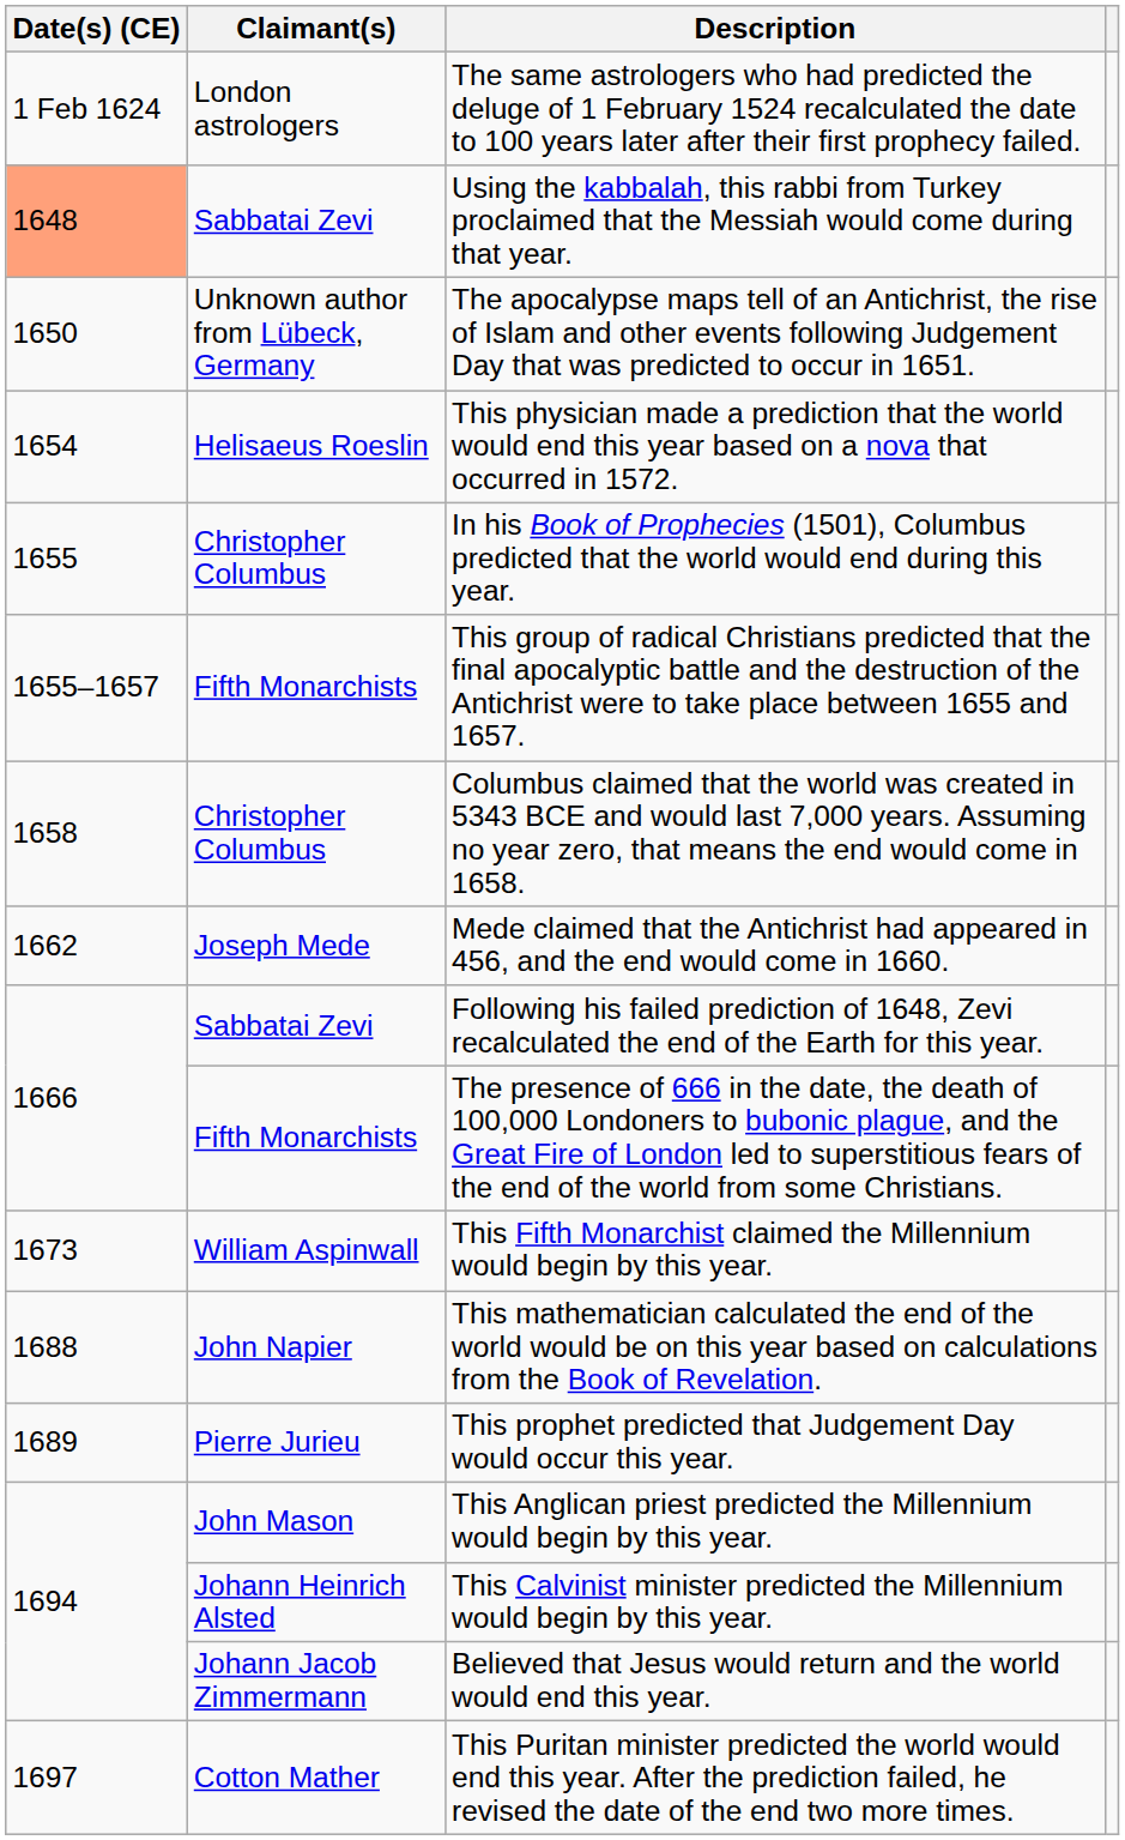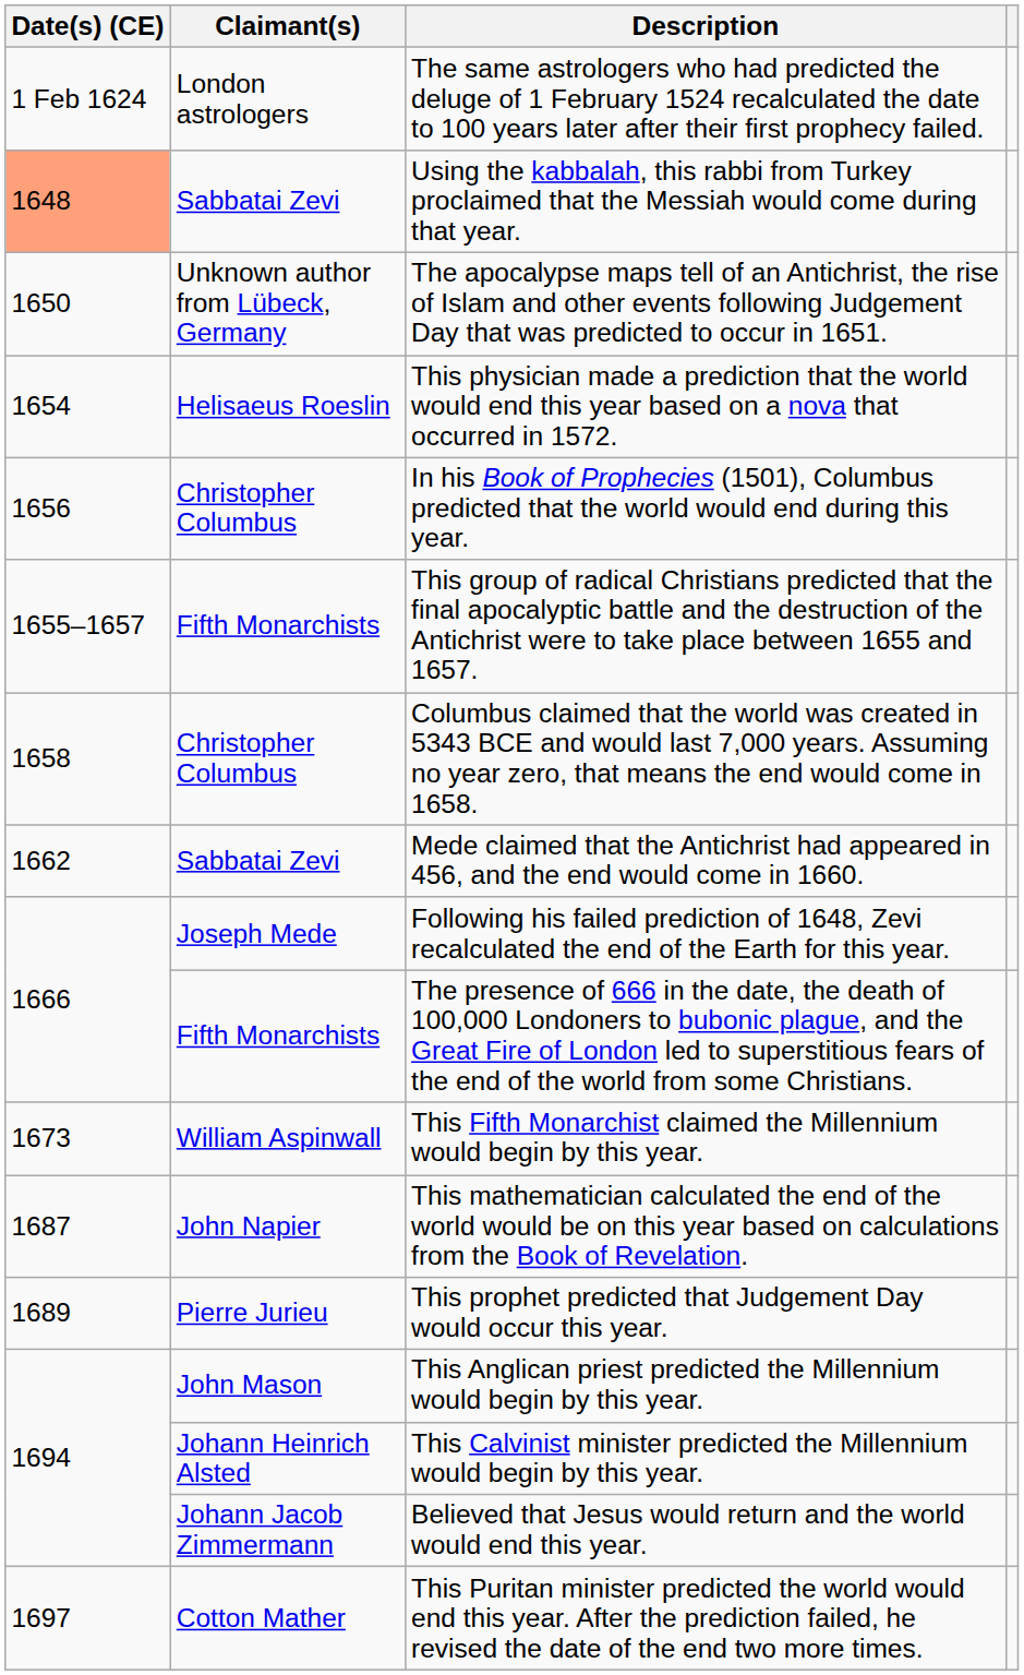 <table class="wikitable">
 <tr>
 <th>Date(s) (CE)</th>
 <th>Claimant(s)</th>
 <th>Description</th>
 <th></th>
 </tr>
 <tr>
 <td>1 Feb 1624</td>
 <td>London astrologers</td>
 <td>The same astrologers who had predicted the deluge of 1 February 1524 recalculated the date to 100 years later after their first prophecy failed.</td>
 <td align=center><br></td>
 </tr>
 <tr>
 <td style="background: lightsalmon;">1648</td>
 <td><a href='#'>Sabbatai Zevi</a></td>
 <td>Using the <a href='#'>kabbalah</a>, this rabbi from Turkey proclaimed that the Messiah would come during that year.</td>
 <td align=center></td>
 </tr>
 <tr>
 <td>1650</td>
 <td>Unknown author from <a href='#'>Lübeck</a>, <a href='#'>Germany</a></td>
 <td>The apocalypse maps tell of an Antichrist, the rise of Islam and other events following Judgement Day that was predicted to occur in 1651.</td>
 <td align=center><br></td>
 </tr>
 <tr>
 <td>1654</td>
 <td><a href='#'>Helisaeus Roeslin</a></td>
 <td>This physician made a prediction that the world would end this year based on a <a href='#'>nova</a> that occurred in 1572.</td>
 <td align=center></td>
 </tr>
 <tr>
-<td>1655</td>
+<td>1656</td>
 <td><a href='#'>Christopher Columbus</a></td>
 <td>In his <em><a href='#'>Book of Prophecies</a></em> (1501), Columbus predicted that the world would end during this year.</td>
 <td align=center><br></td>
 </tr>
 <tr>
 <td>1655–1657</td>
 <td><a href='#'>Fifth Monarchists</a></td>
 <td>This group of radical Christians predicted that the final apocalyptic battle and the destruction of the Antichrist were to take place between 1655 and 1657.</td>
 <td align=center></td>
 </tr>
 <tr>
 <td>1658</td>
 <td><a href='#'>Christopher Columbus</a></td>
 <td>Columbus claimed that the world was created in 5343 BCE and would last 7,000 years. Assuming no year zero, that means the end would come in 1658.</td>
 <td align=center></td>
 </tr>
 <tr>
 <td>1662</td>
-<td><a href='#'>Joseph Mede</a></td>
+<td><a href='#'>Sabbatai Zevi</a></td>
 <td>Mede claimed that the Antichrist had appeared in 456, and the end would come in 1660.</td>
 <td align=center></td>
 </tr>
 <tr>
 <td rowspan="2">1666</td>
-<td><a href='#'>Sabbatai Zevi</a></td>
+<td><a href='#'>Joseph Mede</a></td>
 <td>Following his failed prediction of 1648, Zevi recalculated the end of the Earth for this year.</td>
 <td align=center></td>
 </tr>
 <tr>
 <td><a href='#'>Fifth Monarchists</a></td>
 <td>The presence of <a href='#'>666</a> in the date, the death of 100,000 Londoners to <a href='#'>bubonic plague</a>, and the <a href='#'>Great Fire of London</a> led to superstitious fears of the end of the world from some Christians.</td>
 <td align=center><br></td>
 </tr>
 <tr>
 <td>1673</td>
 <td><a href='#'>William Aspinwall</a></td>
 <td>This <a href='#'>Fifth Monarchist</a> claimed the Millennium would begin by this year.</td>
 <td align=center></td>
 </tr>
 <tr>
-<td>1688</td>
+<td>1687</td>
 <td><a href='#'>John Napier</a></td>
 <td>This mathematician calculated the end of the world would be on this year based on calculations from the <a href='#'>Book of Revelation</a>.</td>
 <td align=center></td>
 </tr>
 <tr>
 <td>1689</td>
 <td><a href='#'>Pierre Jurieu</a></td>
 <td>This prophet predicted that Judgement Day would occur this year.</td>
 <td align=center></td>
 </tr>
 <tr>
 <td rowspan="3">1694</td>
 <td><a href='#'>John Mason</a></td>
 <td>This Anglican priest predicted the Millennium would begin by this year.</td>
 <td align=center></td>
 </tr>
 <tr>
 <td><a href='#'>Johann Heinrich Alsted</a></td>
 <td>This <a href='#'>Calvinist</a> minister predicted the Millennium would begin by this year.</td>
 <td align=center></td>
 </tr>
 <tr>
 <td><a href='#'>Johann Jacob Zimmermann</a></td>
 <td>Believed that Jesus would return and the world would end this year.</td>
 <td align=center></td>
 </tr>
 <tr>
 <td>1697</td>
 <td><a href='#'>Cotton Mather</a></td>
 <td>This Puritan minister predicted the world would end this year. After the prediction failed, he revised the date of the end two more times.</td>
 <td align=center></td>
 </tr>
 </table>
